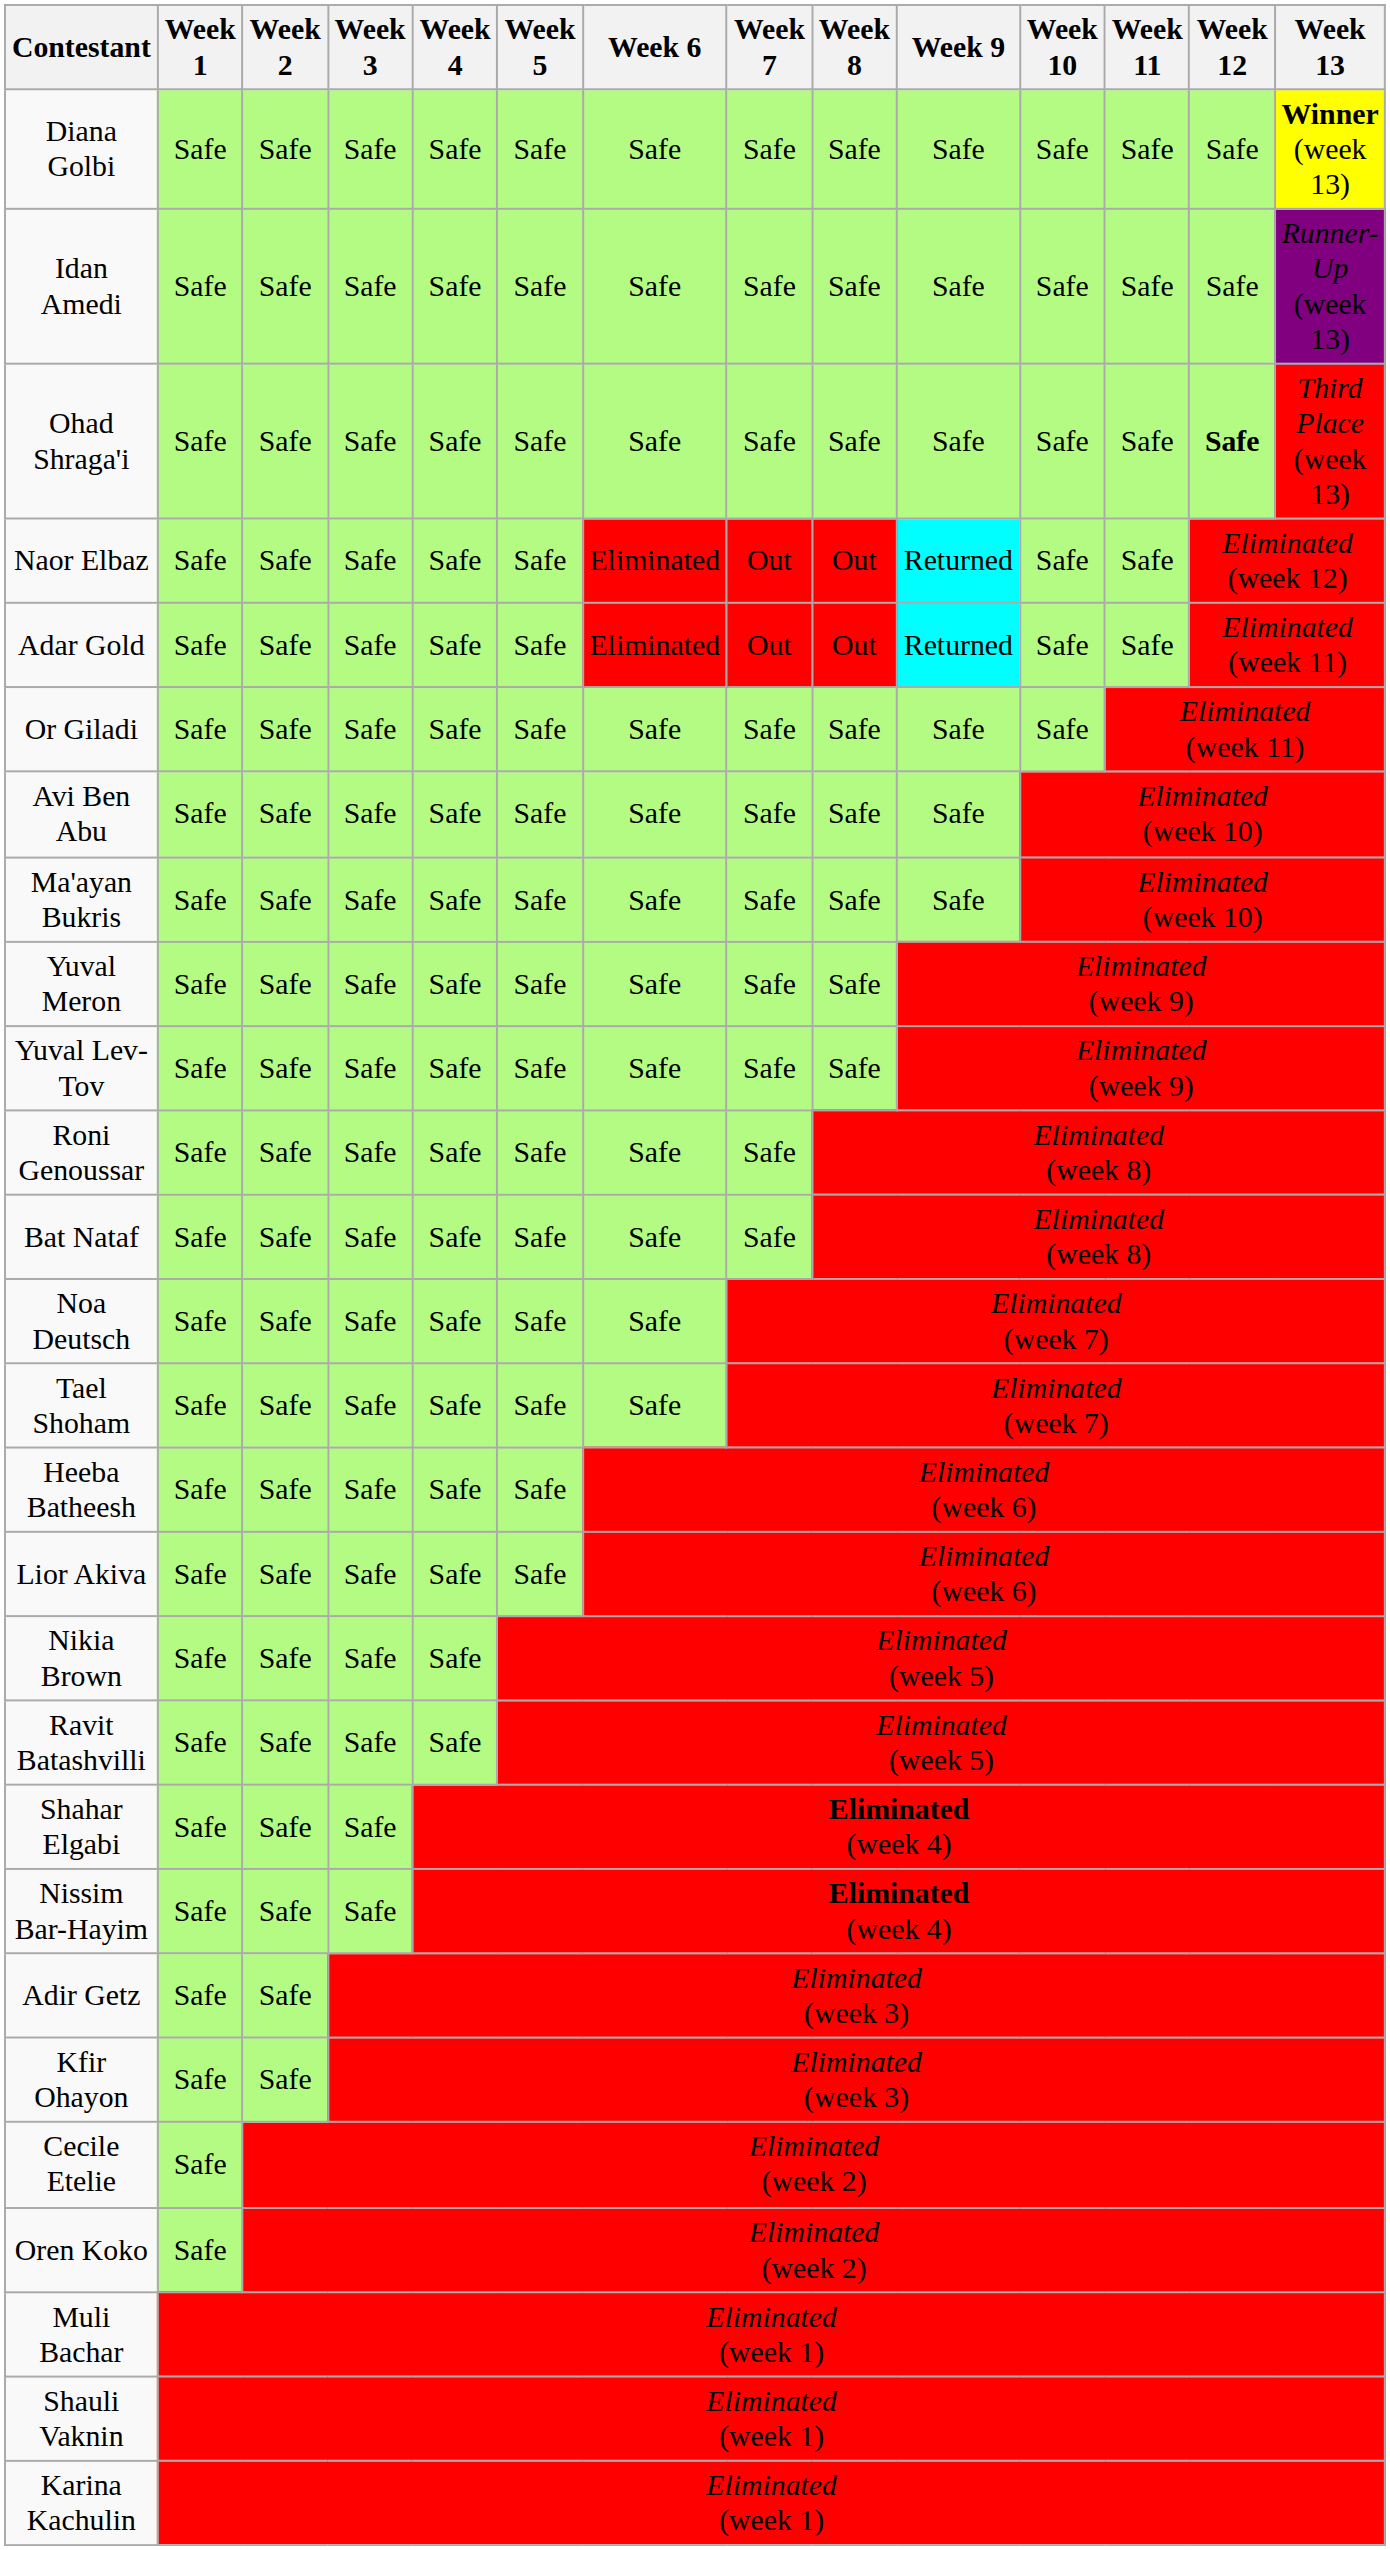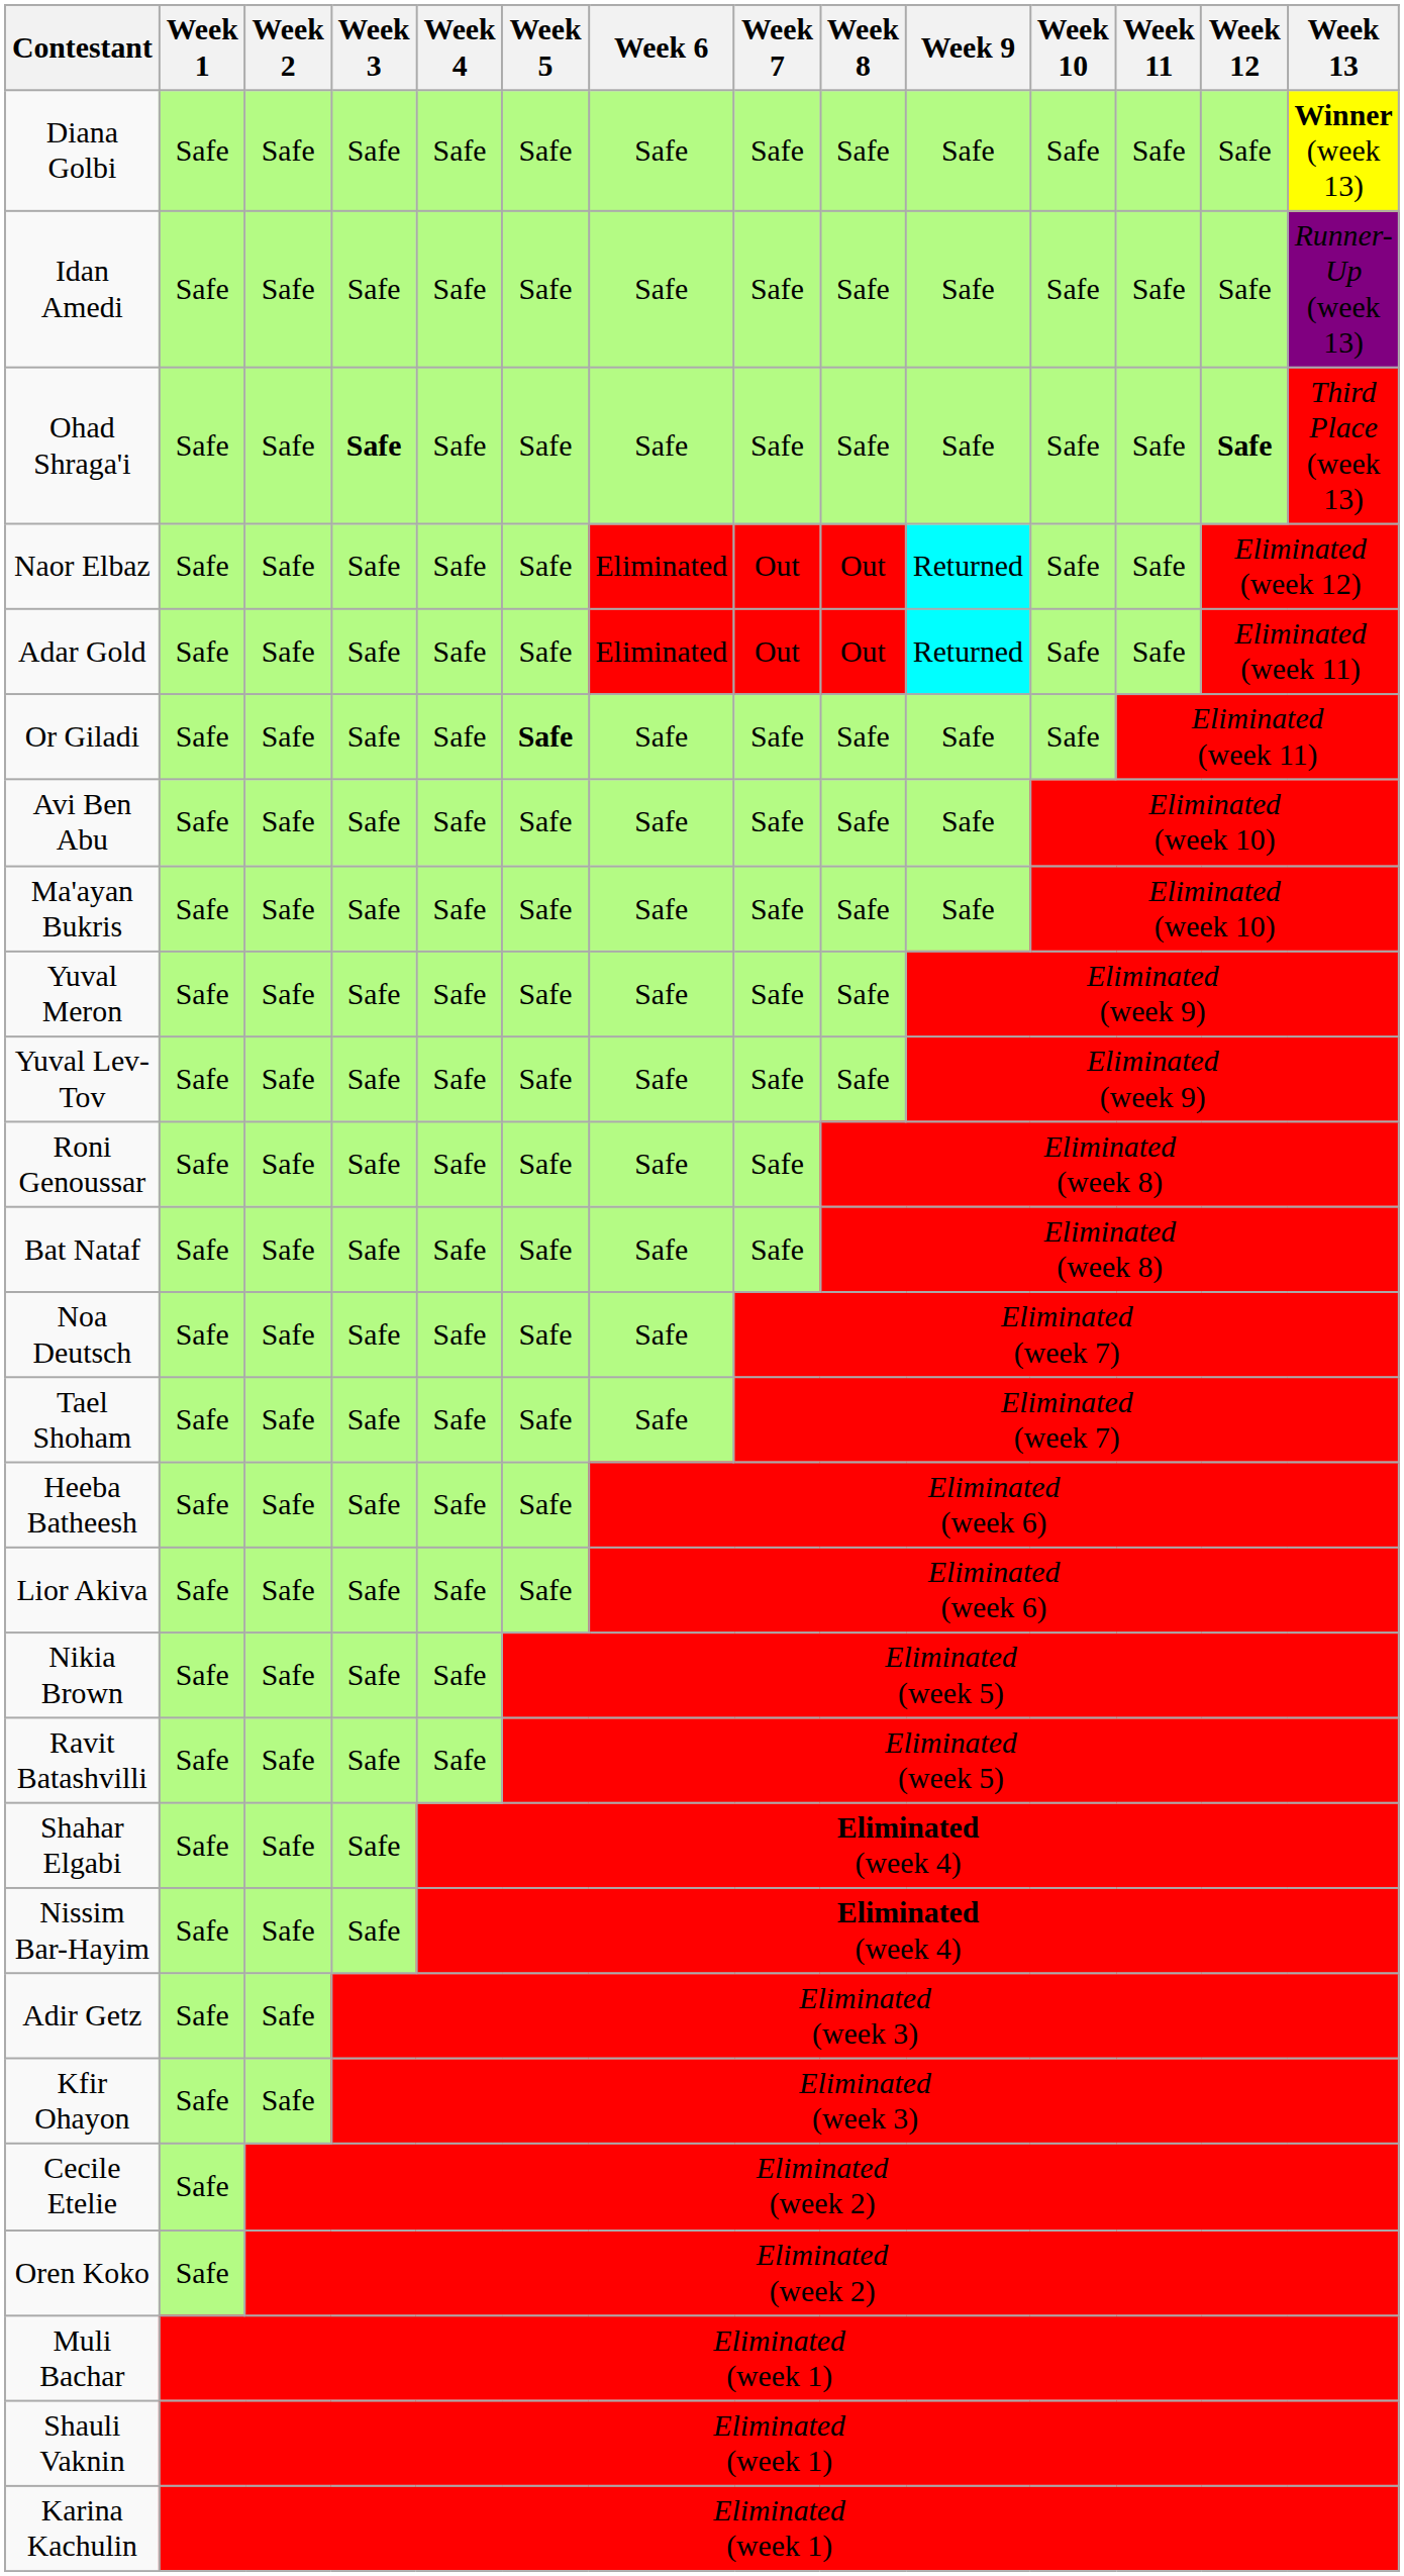 <table class="wikitable" style="text-align:center; font-size:95%">
 <tr>
 <th style="width:15%">Contestant</th>
 <th style="width:7%">Week 1</th>
 <th style="width:7%">Week 2</th>
 <th style="width:7%">Week 3</th>
 <th style="width:7%">Week 4</th>
 <th style="width:7%">Week 5</th>
 <th style="width:7%">Week 6</th>
 <th style="width:7%">Week 7</th>
 <th style="width:7%">Week 8</th>
 <th style="width:7%">Week 9</th>
 <th style="width:7%">Week 10</th>
 <th style="width:7%">Week 11</th>
 <th style="width:7%">Week 12</th>
 <th style="width:7%">Week 13</th>
 </tr>
 <tr>
 <td>Diana Golbi</td>
 <td style="background:#B4FB84">Safe</td>
 <td style="background:#B4FB84">Safe</td>
 <td style="background:#B4FB84">Safe</td>
 <td style="background:#B4FB84">Safe</td>
 <td style="background:#B4FB84">Safe</td>
 <td style="background:#B4FB84">Safe</td>
 <td style="background:#B4FB84">Safe</td>
 <td style="background:#B4FB84">Safe</td>
 <td style="background:#B4FB84">Safe</td>
 <td style="background:#B4FB84">Safe</td>
 <td style="background:#B4FB84">Safe</td>
 <td style="background:#B4FB84">Safe</td>
 <td style="background:Yellow;" colspan=1><strong>Winner</strong><br>(week 13)</td>
 </tr>
 <tr>
 <td>Idan Amedi</td>
 <td style="background:#B4FB84">Safe</td>
 <td style="background:#B4FB84">Safe</td>
 <td style="background:#B4FB84">Safe</td>
 <td style="background:#B4FB84">Safe</td>
 <td style="background:#B4FB84">Safe</td>
 <td style="background:#B4FB84">Safe</td>
 <td style="background:#B4FB84">Safe</td>
 <td style="background:#B4FB84">Safe</td>
 <td style="background:#B4FB84">Safe</td>
 <td style="background:#B4FB84">Safe</td>
 <td style="background:#B4FB84">Safe</td>
 <td style="background:#B4FB84">Safe</td>
 <td style="background:Purple;" colspan=1><em>Runner-Up</em><br>(week 13)</td>
 </tr>
 <tr>
 <td>Ohad Shraga'i</td>
 <td style="background:#B4FB84">Safe</td>
 <td style="background:#B4FB84">Safe</td>
-<td style="background:#B4FB84">Safe</td>
+<td style="background:#B4FB84"><strong>Safe</strong></td>
 <td style="background:#B4FB84">Safe</td>
 <td style="background:#B4FB84">Safe</td>
 <td style="background:#B4FB84">Safe</td>
 <td style="background:#B4FB84">Safe</td>
 <td style="background:#B4FB84">Safe</td>
 <td style="background:#B4FB84">Safe</td>
 <td style="background:#B4FB84">Safe</td>
 <td style="background:#B4FB84">Safe</td>
 <td style="background:#B4FB84"><strong>Safe</strong></td>
 <td style="background:Red;" colspan=1><em>Third Place</em><br>(week 13)</td>
 </tr>
 <tr>
 <td>Naor Elbaz</td>
 <td style="background:#B4FB84">Safe</td>
 <td style="background:#B4FB84">Safe</td>
 <td style="background:#B4FB84">Safe</td>
 <td style="background:#B4FB84">Safe</td>
 <td style="background:#B4FB84">Safe</td>
 <td style="background:Red;">Eliminated</td>
 <td style="background:Red;">Out</td>
 <td style="background:Red;">Out</td>
 <td style="background:Aqua;">Returned</td>
 <td style="background:#B4FB84">Safe</td>
 <td style="background:#B4FB84">Safe</td>
 <td style="background:Red;" colspan=2><em>Eliminated</em><br>(week 12)</td>
 </tr>
 <tr>
 <td>Adar Gold</td>
 <td style="background:#B4FB84">Safe</td>
 <td style="background:#B4FB84">Safe</td>
 <td style="background:#B4FB84">Safe</td>
 <td style="background:#B4FB84">Safe</td>
 <td style="background:#B4FB84">Safe</td>
 <td style="background:Red;">Eliminated</td>
 <td style="background:Red;">Out</td>
 <td style="background:Red;">Out</td>
 <td style="background:Aqua;">Returned</td>
 <td style="background:#B4FB84">Safe</td>
 <td style="background:#B4FB84">Safe</td>
 <td style="background:Red;" colspan=3><em>Eliminated</em><br>(week 11)</td>
 </tr>
 <tr>
 <td>Or Giladi</td>
 <td style="background:#B4FB84">Safe</td>
 <td style="background:#B4FB84">Safe</td>
 <td style="background:#B4FB84">Safe</td>
 <td style="background:#B4FB84">Safe</td>
-<td style="background:#B4FB84">Safe</td>
+<td style="background:#B4FB84"><strong>Safe</strong></td>
 <td style="background:#B4FB84">Safe</td>
 <td style="background:#B4FB84">Safe</td>
 <td style="background:#B4FB84">Safe</td>
 <td style="background:#B4FB84">Safe</td>
 <td style="background:#B4FB84">Safe</td>
 <td style="background:Red;" colspan=3><em>Eliminated</em><br>(week 11)</td>
 </tr>
 <tr>
 <td>Avi Ben Abu</td>
 <td style="background:#B4FB84">Safe</td>
 <td style="background:#B4FB84">Safe</td>
 <td style="background:#B4FB84">Safe</td>
 <td style="background:#B4FB84">Safe</td>
 <td style="background:#B4FB84">Safe</td>
 <td style="background:#B4FB84">Safe</td>
 <td style="background:#B4FB84">Safe</td>
 <td style="background:#B4FB84">Safe</td>
 <td style="background:#B4FB84">Safe</td>
 <td style="background:Red;" colspan=4><em>Eliminated</em><br>(week 10)</td>
 </tr>
 <tr>
 <td>Ma'ayan Bukris</td>
 <td style="background:#B4FB84">Safe</td>
 <td style="background:#B4FB84">Safe</td>
 <td style="background:#B4FB84">Safe</td>
 <td style="background:#B4FB84">Safe</td>
 <td style="background:#B4FB84">Safe</td>
 <td style="background:#B4FB84">Safe</td>
 <td style="background:#B4FB84">Safe</td>
 <td style="background:#B4FB84">Safe</td>
 <td style="background:#B4FB84">Safe</td>
 <td style="background:Red;" colspan=4><em>Eliminated</em><br>(week 10)</td>
 </tr>
 <tr>
 <td>Yuval Meron</td>
 <td style="background:#B4FB84">Safe</td>
 <td style="background:#B4FB84">Safe</td>
 <td style="background:#B4FB84">Safe</td>
 <td style="background:#B4FB84">Safe</td>
 <td style="background:#B4FB84">Safe</td>
 <td style="background:#B4FB84">Safe</td>
 <td style="background:#B4FB84">Safe</td>
 <td style="background:#B4FB84">Safe</td>
 <td style="background:Red;" colspan=5><em>Eliminated</em><br>(week 9)</td>
 </tr>
 <tr>
 <td>Yuval Lev-Tov</td>
 <td style="background:#B4FB84">Safe</td>
 <td style="background:#B4FB84">Safe</td>
 <td style="background:#B4FB84">Safe</td>
 <td style="background:#B4FB84">Safe</td>
 <td style="background:#B4FB84">Safe</td>
 <td style="background:#B4FB84">Safe</td>
 <td style="background:#B4FB84">Safe</td>
 <td style="background:#B4FB84">Safe</td>
 <td style="background:Red;" colspan=5><em>Eliminated</em><br>(week 9)</td>
 </tr>
 <tr>
 <td>Roni Genoussar</td>
 <td style="background:#B4FB84">Safe</td>
 <td style="background:#B4FB84">Safe</td>
 <td style="background:#B4FB84">Safe</td>
 <td style="background:#B4FB84">Safe</td>
 <td style="background:#B4FB84">Safe</td>
 <td style="background:#B4FB84">Safe</td>
 <td style="background:#B4FB84">Safe</td>
 <td style="background:Red;" colspan=6><em>Eliminated</em><br>(week 8)</td>
 </tr>
 <tr>
 <td>Bat Nataf</td>
 <td style="background:#B4FB84">Safe</td>
 <td style="background:#B4FB84">Safe</td>
 <td style="background:#B4FB84">Safe</td>
 <td style="background:#B4FB84">Safe</td>
 <td style="background:#B4FB84">Safe</td>
 <td style="background:#B4FB84">Safe</td>
 <td style="background:#B4FB84">Safe</td>
 <td style="background:Red;" colspan=6><em>Eliminated</em><br>(week 8)</td>
 </tr>
 <tr>
 <td>Noa Deutsch</td>
 <td style="background:#B4FB84">Safe</td>
 <td style="background:#B4FB84">Safe</td>
 <td style="background:#B4FB84">Safe</td>
 <td style="background:#B4FB84">Safe</td>
 <td style="background:#B4FB84">Safe</td>
 <td style="background:#B4FB84">Safe</td>
 <td style="background:Red;" colspan=7><em>Eliminated</em><br>(week 7)</td>
 </tr>
 <tr>
 <td>Tael Shoham</td>
 <td style="background:#B4FB84">Safe</td>
 <td style="background:#B4FB84">Safe</td>
 <td style="background:#B4FB84">Safe</td>
 <td style="background:#B4FB84">Safe</td>
 <td style="background:#B4FB84">Safe</td>
 <td style="background:#B4FB84">Safe</td>
 <td style="background:Red;" colspan=7><em>Eliminated</em><br>(week 7)</td>
 </tr>
 <tr>
 <td>Heeba Batheesh</td>
 <td style="background:#B4FB84">Safe</td>
 <td style="background:#B4FB84">Safe</td>
 <td style="background:#B4FB84">Safe</td>
 <td style="background:#B4FB84">Safe</td>
 <td style="background:#B4FB84">Safe</td>
 <td style="background:Red;" colspan=8><em>Eliminated</em><br>(week 6)</td>
 </tr>
 <tr>
 <td>Lior Akiva</td>
 <td style="background:#B4FB84">Safe</td>
 <td style="background:#B4FB84">Safe</td>
 <td style="background:#B4FB84">Safe</td>
 <td style="background:#B4FB84">Safe</td>
 <td style="background:#B4FB84">Safe</td>
 <td style="background:Red;" colspan=8><em>Eliminated</em><br>(week 6)</td>
 </tr>
 <tr>
 <td>Nikia Brown</td>
 <td style="background:#B4FB84">Safe</td>
 <td style="background:#B4FB84">Safe</td>
 <td style="background:#B4FB84">Safe</td>
 <td style="background:#B4FB84">Safe</td>
 <td style="background:Red;"  colspan=9><em>Eliminated</em><br>(week 5)</td>
 </tr>
 <tr>
 <td>Ravit Batashvilli</td>
 <td style="background:#B4FB84">Safe</td>
 <td style="background:#B4FB84">Safe</td>
 <td style="background:#B4FB84">Safe</td>
 <td style="background:#B4FB84">Safe</td>
 <td style="background:Red;" colspan=9><em>Eliminated</em><br>(week 5)</td>
 </tr>
 <tr>
 <td>Shahar Elgabi</td>
 <td style="background:#B4FB84">Safe</td>
 <td style="background:#B4FB84">Safe</td>
 <td style="background:#B4FB84">Safe</td>
 <td style="background:Red;" colspan=10><strong>Eliminated</strong><br>(week 4)</td>
 </tr>
 <tr>
 <td>Nissim Bar-Hayim</td>
 <td style="background:#B4FB84">Safe</td>
 <td style="background:#B4FB84">Safe</td>
 <td style="background:#B4FB84">Safe</td>
 <td style="background:Red;" colspan=10><strong>Eliminated</strong><br>(week 4)</td>
 </tr>
 <tr>
 <td>Adir Getz</td>
 <td style="background:#B4FB84">Safe</td>
 <td style="background:#B4FB84">Safe</td>
 <td style="background:Red;"  colspan=11><em>Eliminated</em><br>(week 3)</td>
 </tr>
 <tr>
 <td>Kfir Ohayon</td>
 <td style="background:#B4FB84">Safe</td>
 <td style="background:#B4FB84">Safe</td>
 <td style="background:Red;" colspan=11><em>Eliminated</em><br>(week 3)</td>
 </tr>
 <tr>
 <td>Cecile Etelie</td>
 <td style="background:#B4FB84">Safe</td>
 <td style="background:Red;" colspan=12><em>Eliminated</em><br>(week 2)</td>
 </tr>
 <tr>
 <td>Oren Koko</td>
 <td style="background:#B4FB84">Safe</td>
 <td style="background:Red;" colspan=12><em>Eliminated</em><br>(week 2)</td>
 </tr>
 <tr>
 <td>Muli Bachar</td>
 <td style="background:Red;" colspan=13><em>Eliminated</em><br>(week 1)</td>
 </tr>
 <tr>
 <td>Shauli Vaknin</td>
 <td style="background:Red;"  colspan=13><em>Eliminated</em><br>(week 1)</td>
 </tr>
 <tr>
 <td>Karina Kachulin</td>
 <td style="background:Red;"  colspan=13><em>Eliminated</em><br>(week 1)</td>
 </tr>
 </table>
